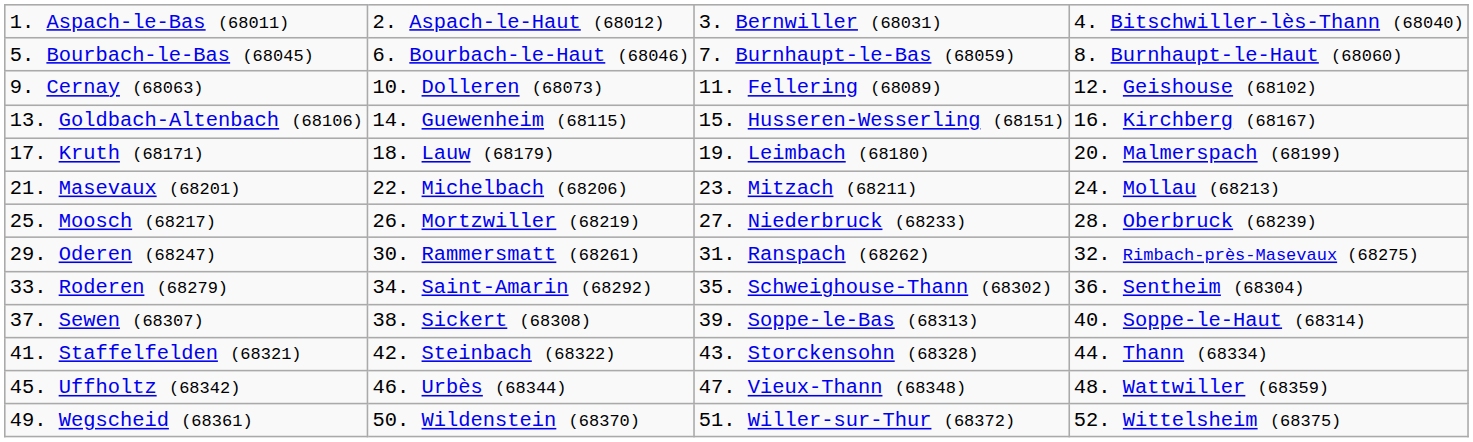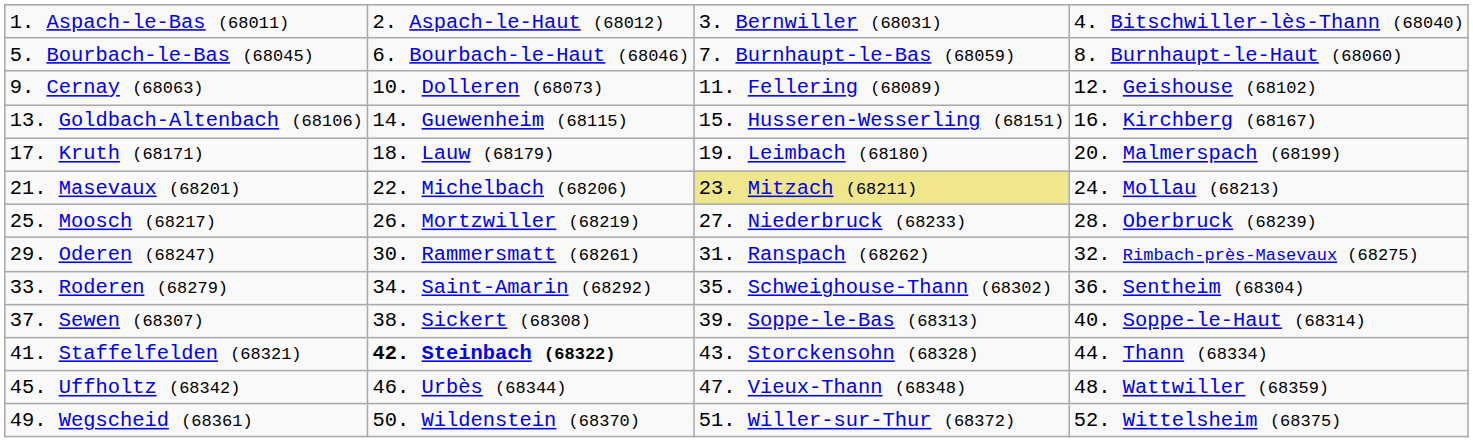 <table class="wikitable">
 <tr>
 <td>1. <a href='#'>Aspach-le-Bas</a> <small>(68011)</small></td>
 <td>2. <a href='#'>Aspach-le-Haut</a> <small>(68012)</small></td>
 <td>3. <a href='#'>Bernwiller</a> <small>(68031)</small></td>
 <td>4. <a href='#'>Bitschwiller-lès-Thann</a> <small>(68040)</small></td>
 </tr>
 <tr>
 <td>5. <a href='#'>Bourbach-le-Bas</a> <small>(68045)</small></td>
 <td>6. <a href='#'>Bourbach-le-Haut</a> <small>(68046)</small></td>
 <td>7. <a href='#'>Burnhaupt-le-Bas</a> <small>(68059)</small></td>
 <td>8. <a href='#'>Burnhaupt-le-Haut</a> <small>(68060)</small></td>
 </tr>
 <tr>
 <td>9. <a href='#'>Cernay</a> <small>(68063)</small></td>
 <td>10. <a href='#'>Dolleren</a> <small>(68073)</small></td>
 <td>11. <a href='#'>Fellering</a> <small>(68089)</small></td>
 <td>12. <a href='#'>Geishouse</a> <small>(68102)</small></td>
 </tr>
 <tr>
 <td>13. <a href='#'>Goldbach-Altenbach</a> <small>(68106)</small></td>
 <td>14. <a href='#'>Guewenheim</a> <small>(68115)</small></td>
 <td>15. <a href='#'>Husseren-Wesserling</a> <small>(68151)</small></td>
 <td>16. <a href='#'>Kirchberg</a> <small>(68167)</small></td>
 </tr>
 <tr>
 <td>17. <a href='#'>Kruth</a> <small>(68171)</small></td>
 <td>18. <a href='#'>Lauw</a> <small>(68179)</small></td>
 <td>19. <a href='#'>Leimbach</a> <small>(68180)</small></td>
 <td>20. <a href='#'>Malmerspach</a> <small>(68199)</small></td>
 </tr>
 <tr>
 <td>21. <a href='#'>Masevaux</a> <small>(68201)</small></td>
 <td>22. <a href='#'>Michelbach</a> <small>(68206)</small></td>
-<td>23. <a href='#'>Mitzach</a> <small>(68211)</small></td>
+<td style="background: khaki;">23. <a href='#'>Mitzach</a> <small>(68211)</small></td>
 <td>24. <a href='#'>Mollau</a> <small>(68213)</small></td>
 </tr>
 <tr>
 <td>25. <a href='#'>Moosch</a> <small>(68217)</small></td>
 <td>26. <a href='#'>Mortzwiller</a> <small>(68219)</small></td>
 <td>27. <a href='#'>Niederbruck</a> <small>(68233)</small></td>
 <td>28. <a href='#'>Oberbruck</a> <small>(68239)</small></td>
 </tr>
 <tr>
 <td>29. <a href='#'>Oderen</a> <small>(68247)</small></td>
 <td>30. <a href='#'>Rammersmatt</a> <small>(68261)</small></td>
 <td>31. <a href='#'>Ranspach</a> <small>(68262)</small></td>
 <td>32. <small><a href='#'>Rimbach-près-Masevaux</a> (68275)</small></td>
 </tr>
 <tr>
 <td>33. <a href='#'>Roderen</a> <small>(68279)</small></td>
 <td>34. <a href='#'>Saint-Amarin</a> <small>(68292)</small></td>
 <td>35. <a href='#'>Schweighouse-Thann</a> <small>(68302)</small></td>
 <td>36. <a href='#'>Sentheim</a> <small>(68304)</small></td>
 </tr>
 <tr>
 <td>37. <a href='#'>Sewen</a> <small>(68307)</small></td>
 <td>38. <a href='#'>Sickert</a> <small>(68308)</small></td>
 <td>39. <a href='#'>Soppe-le-Bas</a> <small>(68313)</small></td>
 <td>40. <a href='#'>Soppe-le-Haut</a> <small>(68314)</small></td>
 </tr>
 <tr>
 <td>41. <a href='#'>Staffelfelden</a> <small>(68321)</small></td>
-<td>42. <a href='#'>Steinbach</a> <small>(68322)</small></td>
+<td><strong>42. <a href='#'>Steinbach</a> <small>(68322)</small></strong></td>
 <td>43. <a href='#'>Storckensohn</a> <small>(68328)</small></td>
 <td>44. <a href='#'>Thann</a> <small>(68334)</small></td>
 </tr>
 <tr>
 <td>45. <a href='#'>Uffholtz</a> <small>(68342)</small></td>
 <td>46. <a href='#'>Urbès</a> <small>(68344)</small></td>
 <td>47. <a href='#'>Vieux-Thann</a> <small>(68348)</small></td>
 <td>48. <a href='#'>Wattwiller</a> <small>(68359)</small></td>
 </tr>
 <tr>
 <td>49. <a href='#'>Wegscheid</a> <small>(68361)</small></td>
 <td>50. <a href='#'>Wildenstein</a> <small>(68370)</small></td>
 <td>51. <a href='#'>Willer-sur-Thur</a> <small>(68372)</small></td>
 <td>52. <a href='#'>Wittelsheim</a> <small>(68375)</small></td>
 </tr>
 </table>
